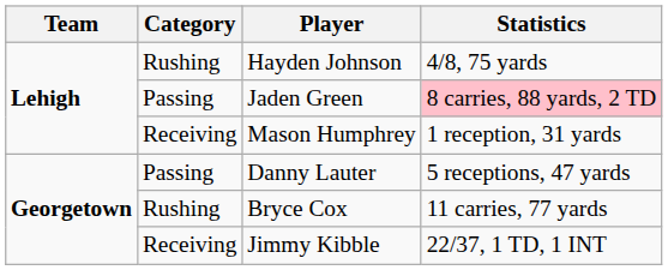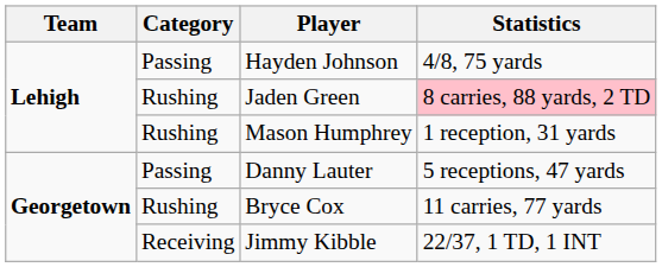 <table class="wikitable" style="float: right;">
 <tr>
 <th>Team</th>
 <th>Category</th>
 <th>Player</th>
 <th>Statistics</th>
 </tr>
 <tr>
 <td rowspan=3><strong>Lehigh</strong></td>
-<td>Rushing</td>
+<td>Passing</td>
 <td>Hayden Johnson</td>
 <td>4/8, 75 yards</td>
 </tr>
 <tr>
-<td>Passing</td>
+<td>Rushing</td>
 <td>Jaden Green</td>
 <td style="background: pink;">8 carries, 88 yards, 2 TD</td>
 </tr>
 <tr>
-<td>Receiving</td>
+<td>Rushing</td>
 <td>Mason Humphrey</td>
 <td>1 reception, 31 yards</td>
 </tr>
 <tr>
 <td rowspan=3><strong>Georgetown</strong></td>
 <td>Passing</td>
 <td>Danny Lauter</td>
 <td>5 receptions, 47 yards</td>
 </tr>
 <tr>
 <td>Rushing</td>
 <td>Bryce Cox</td>
 <td>11 carries, 77 yards</td>
 </tr>
 <tr>
 <td>Receiving</td>
 <td>Jimmy Kibble</td>
 <td>22/37, 1 TD, 1 INT</td>
 </tr>
 </table>
